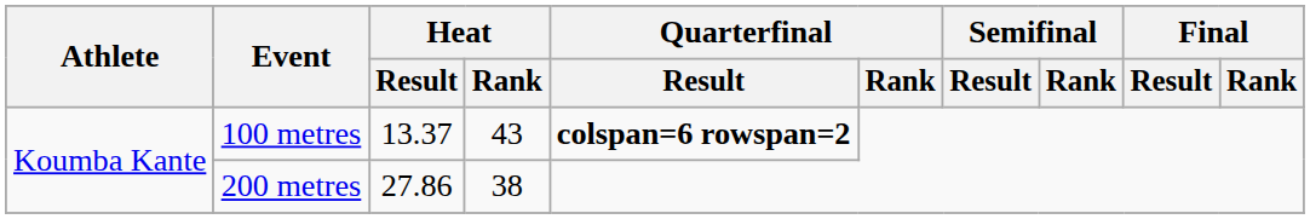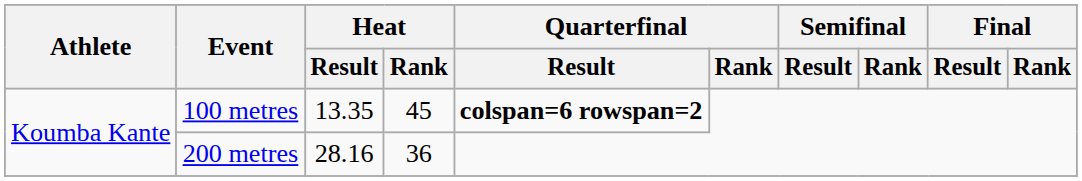 <table class=wikitable style=font-size:90%>
 <tr>
 <th rowspan=2>Athlete</th>
 <th rowspan=2>Event</th>
 <th colspan=2>Heat</th>
 <th colspan=2>Quarterfinal</th>
 <th colspan=2>Semifinal</th>
 <th colspan=2>Final</th>
 </tr>
 <tr style=font-size:95%>
 <th>Result</th>
 <th>Rank</th>
 <th>Result</th>
 <th>Rank</th>
 <th>Result</th>
 <th>Rank</th>
 <th>Result</th>
 <th>Rank</th>
 </tr>
 <tr align=center>
 <td align=left rowspan=2><a href='#'>Koumba Kante</a></td>
 <td align=left><a href='#'>100 metres</a></td>
-<td>13.37</td>
-<td>43</td>
+<td>13.35</td>
+<td>45</td>
 <td><strong>colspan=6 rowspan=2 </strong></td>
 </tr>
 <tr align=center>
 <td align=left><a href='#'>200 metres</a></td>
-<td>27.86</td>
-<td>38</td>
+<td>28.16</td>
+<td>36</td>
 </tr>
 </table>
